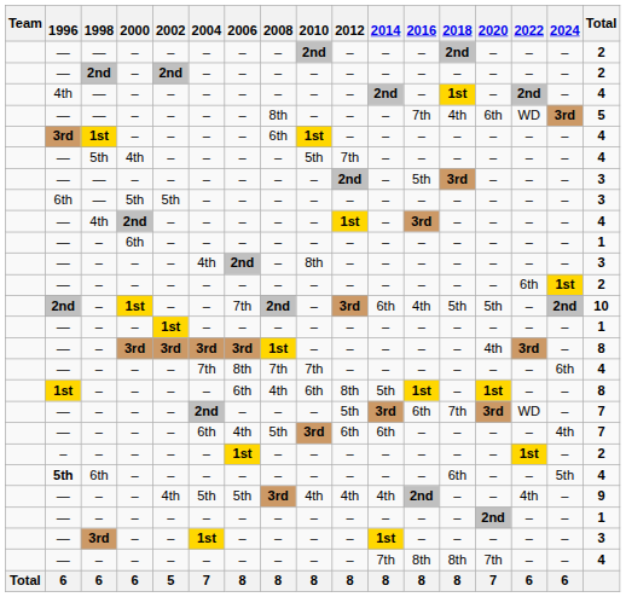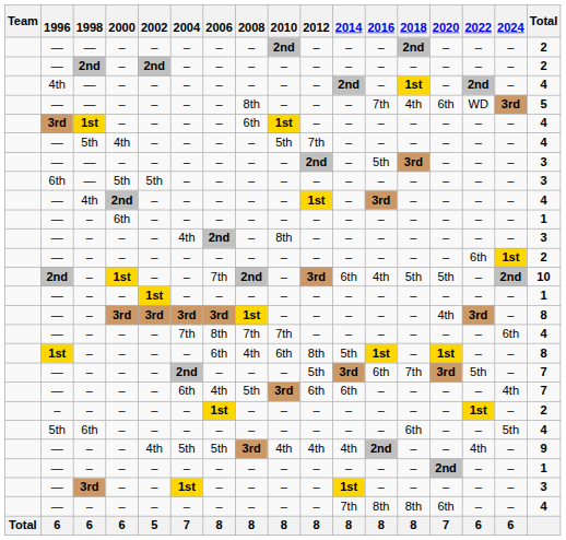 <table class="wikitable " style="text-align:center">
 <tr>
 <th>Team</th>
 <th><br>1996</th>
 <th><br>1998</th>
 <th><br>2000</th>
 <th><br>2002</th>
 <th><br>2004</th>
 <th><br>2006</th>
 <th><br>2008</th>
 <th><br>2010</th>
 <th><br>2012</th>
 <th><br><a href='#'>2014</a></th>
 <th><br><a href='#'>2016</a></th>
 <th><br><a href='#'>2018</a></th>
 <th><br><a href='#'>2020</a></th>
 <th><br><a href='#'>2022</a></th>
 <th><br><a href='#'>2024</a></th>
 <th>Total</th>
 </tr>
 <tr>
 <td align=left></td>
 <td>—</td>
 <td>—</td>
 <td>–</td>
 <td>–</td>
 <td>–</td>
 <td>–</td>
 <td>–</td>
 <td bgcolor=silver><strong>2nd</strong></td>
 <td>–</td>
 <td>–</td>
 <td>–</td>
 <td bgcolor=silver><strong>2nd</strong></td>
 <td>–</td>
 <td>–</td>
 <td>–</td>
 <td><strong>2</strong></td>
 </tr>
 <tr>
 <td align=left></td>
 <td>—</td>
 <td bgcolor=silver><strong>2nd</strong></td>
 <td>–</td>
 <td bgcolor=silver><strong>2nd</strong></td>
 <td>–</td>
 <td>–</td>
 <td>–</td>
 <td>–</td>
 <td>–</td>
 <td>–</td>
 <td>–</td>
 <td>–</td>
 <td>–</td>
 <td>–</td>
 <td>–</td>
 <td><strong>2</strong></td>
 </tr>
 <tr>
 <td align=left></td>
 <td>4th</td>
 <td>—</td>
 <td>–</td>
 <td>–</td>
 <td>–</td>
 <td>–</td>
 <td>–</td>
 <td>–</td>
 <td>–</td>
 <td bgcolor=silver><strong>2nd</strong></td>
 <td>–</td>
 <td bgcolor=gold><strong>1st</strong></td>
 <td>–</td>
 <td bgcolor=silver><strong>2nd</strong></td>
 <td>–</td>
 <td><strong>4</strong></td>
 </tr>
 <tr>
 <td align=left></td>
 <td>—</td>
 <td>—</td>
 <td>–</td>
 <td>–</td>
 <td>–</td>
 <td>–</td>
 <td>8th</td>
 <td>–</td>
 <td>–</td>
 <td>–</td>
 <td>7th</td>
 <td>4th</td>
 <td>6th</td>
 <td>WD</td>
 <td bgcolor=cc9966><strong>3rd</strong></td>
 <td><strong>5</strong></td>
 </tr>
 <tr>
 <td align=left></td>
 <td bgcolor=cc9966><strong>3rd</strong></td>
 <td bgcolor=gold><strong>1st</strong></td>
 <td>–</td>
 <td>–</td>
 <td>–</td>
 <td>–</td>
 <td>6th</td>
 <td bgcolor=gold><strong>1st</strong></td>
 <td>–</td>
 <td>–</td>
 <td>–</td>
 <td>–</td>
 <td>–</td>
 <td>–</td>
 <td>–</td>
 <td><strong>4</strong></td>
 </tr>
 <tr>
 <td align=left></td>
 <td>—</td>
 <td>5th</td>
 <td>4th</td>
 <td>–</td>
 <td>–</td>
 <td>–</td>
 <td>–</td>
 <td>5th</td>
 <td>7th</td>
 <td>–</td>
 <td>–</td>
 <td>–</td>
 <td>–</td>
 <td>–</td>
 <td>–</td>
 <td><strong>4</strong></td>
 </tr>
 <tr>
 <td align=left></td>
 <td>—</td>
 <td>—</td>
 <td>–</td>
 <td>–</td>
 <td>–</td>
 <td>–</td>
 <td>–</td>
 <td>–</td>
 <td bgcolor=silver><strong>2nd</strong></td>
 <td>–</td>
 <td>5th</td>
 <td bgcolor=cc9966><strong>3rd</strong></td>
 <td>–</td>
 <td>–</td>
 <td>–</td>
 <td><strong>3</strong></td>
 </tr>
 <tr>
 <td align=left></td>
 <td>6th</td>
 <td>—</td>
 <td>5th</td>
 <td>5th</td>
 <td>–</td>
 <td>–</td>
 <td>–</td>
 <td>–</td>
 <td>–</td>
 <td>–</td>
 <td>–</td>
 <td>–</td>
 <td>–</td>
 <td>–</td>
 <td>–</td>
 <td><strong>3</strong></td>
 </tr>
 <tr>
 <td align=left></td>
 <td>—</td>
 <td>4th</td>
 <td bgcolor=silver><strong>2nd</strong></td>
 <td>–</td>
 <td>–</td>
 <td>–</td>
 <td>–</td>
 <td>–</td>
 <td bgcolor=gold><strong>1st</strong></td>
 <td>–</td>
 <td bgcolor=cc9966><strong>3rd</strong></td>
 <td>–</td>
 <td>–</td>
 <td>–</td>
 <td>–</td>
 <td><strong>4</strong></td>
 </tr>
 <tr>
 <td align=left></td>
 <td>—</td>
 <td>–</td>
 <td>6th</td>
 <td>–</td>
 <td>–</td>
 <td>–</td>
 <td>–</td>
 <td>–</td>
 <td>–</td>
 <td>–</td>
 <td>–</td>
 <td>–</td>
 <td>–</td>
 <td>–</td>
 <td>–</td>
 <td><strong>1</strong></td>
 </tr>
 <tr>
 <td align=left></td>
 <td>—</td>
 <td>–</td>
 <td>–</td>
 <td>–</td>
 <td>4th</td>
 <td bgcolor=silver><strong>2nd</strong></td>
 <td>–</td>
 <td>8th</td>
 <td>–</td>
 <td>–</td>
 <td>–</td>
 <td>–</td>
 <td>–</td>
 <td>–</td>
 <td>–</td>
 <td><strong>3</strong></td>
 </tr>
 <tr>
 <td align=left></td>
 <td>—</td>
 <td>–</td>
 <td>–</td>
 <td>–</td>
 <td>–</td>
 <td>–</td>
 <td>–</td>
 <td>–</td>
 <td>–</td>
 <td>–</td>
 <td>–</td>
 <td>–</td>
 <td>–</td>
 <td>6th</td>
 <td bgcolor=gold><strong>1st</strong></td>
 <td><strong>2</strong></td>
 </tr>
 <tr>
 <td align=left></td>
 <td bgcolor=silver><strong>2nd</strong></td>
 <td>–</td>
 <td bgcolor=gold><strong>1st</strong></td>
 <td>–</td>
 <td>–</td>
 <td>7th</td>
 <td bgcolor=silver><strong>2nd</strong></td>
 <td>–</td>
 <td bgcolor=cc9966><strong>3rd</strong></td>
 <td>6th</td>
 <td>4th</td>
 <td>5th</td>
 <td>5th</td>
 <td>–</td>
 <td bgcolor=silver><strong>2nd</strong></td>
 <td><strong>10</strong></td>
 </tr>
 <tr>
 <td align=left></td>
 <td>—</td>
 <td>–</td>
 <td>–</td>
 <td bgcolor=gold><strong>1st</strong></td>
 <td>–</td>
 <td>–</td>
 <td>–</td>
 <td>–</td>
 <td>–</td>
 <td>–</td>
 <td>–</td>
 <td>–</td>
 <td>–</td>
 <td>–</td>
 <td>–</td>
 <td><strong>1</strong></td>
 </tr>
 <tr>
 <td align=left></td>
 <td>—</td>
 <td>–</td>
 <td bgcolor=cc9966><strong>3rd</strong></td>
 <td bgcolor=cc9966><strong>3rd</strong></td>
 <td bgcolor=cc9966><strong>3rd</strong></td>
 <td bgcolor=cc9966><strong>3rd</strong></td>
 <td bgcolor=gold><strong>1st</strong></td>
 <td>–</td>
 <td>–</td>
 <td>–</td>
 <td>–</td>
 <td>–</td>
 <td>4th</td>
 <td bgcolor=cc9966><strong>3rd</strong></td>
 <td>–</td>
 <td><strong>8</strong></td>
 </tr>
 <tr>
 <td align=left></td>
 <td>—</td>
 <td>–</td>
 <td>–</td>
 <td>–</td>
 <td>7th</td>
 <td>8th</td>
 <td>7th</td>
 <td>7th</td>
 <td>–</td>
 <td>–</td>
 <td>–</td>
 <td>–</td>
 <td>–</td>
 <td>–</td>
 <td>6th</td>
 <td><strong>4</strong></td>
 </tr>
 <tr>
 <td align=left></td>
 <td bgcolor=gold><strong>1st</strong></td>
 <td>–</td>
 <td>–</td>
 <td>–</td>
 <td>–</td>
 <td>6th</td>
 <td>4th</td>
 <td>6th</td>
 <td>8th</td>
 <td>5th</td>
 <td bgcolor=gold><strong>1st</strong></td>
 <td>–</td>
 <td bgcolor=gold><strong>1st</strong></td>
 <td>–</td>
 <td>–</td>
 <td><strong>8</strong></td>
 </tr>
 <tr>
 <td align=left></td>
 <td>—</td>
 <td>–</td>
 <td>–</td>
 <td>–</td>
 <td bgcolor=silver><strong>2nd</strong></td>
 <td>–</td>
 <td>–</td>
 <td>–</td>
 <td>5th</td>
 <td bgcolor=cc9966><strong>3rd</strong></td>
 <td>6th</td>
 <td>7th</td>
 <td bgcolor=cc9966><strong>3rd</strong></td>
-<td>WD</td>
+<td>5th</td>
 <td>–</td>
 <td><strong>7</strong></td>
 </tr>
 <tr>
 <td align=left></td>
 <td>—</td>
 <td>–</td>
 <td>–</td>
 <td>–</td>
 <td>6th</td>
 <td>4th</td>
 <td>5th</td>
 <td bgcolor=cc9966><strong>3rd</strong></td>
 <td>6th</td>
 <td>6th</td>
 <td>–</td>
 <td>–</td>
 <td>–</td>
 <td>–</td>
 <td>4th</td>
 <td><strong>7</strong></td>
 </tr>
 <tr>
 <td align=left></td>
 <td>–</td>
 <td>–</td>
 <td>–</td>
 <td>–</td>
 <td>–</td>
 <td bgcolor=gold><strong>1st</strong></td>
 <td>–</td>
 <td>–</td>
 <td>–</td>
 <td>–</td>
 <td>–</td>
 <td>–</td>
 <td>–</td>
 <td bgcolor=gold><strong>1st</strong></td>
 <td>–</td>
 <td><strong>2</strong></td>
 </tr>
 <tr>
 <td align=left></td>
-<td><strong>5th</strong></td>
+<td>5th</td>
 <td>6th</td>
 <td>–</td>
 <td>–</td>
 <td>–</td>
 <td>–</td>
 <td>–</td>
 <td>–</td>
 <td>–</td>
 <td>–</td>
 <td>–</td>
 <td>6th</td>
 <td>–</td>
 <td>–</td>
 <td>5th</td>
 <td><strong>4</strong></td>
 </tr>
 <tr>
 <td align=left></td>
 <td>—</td>
 <td>–</td>
 <td>–</td>
 <td>4th</td>
 <td>5th</td>
 <td>5th</td>
 <td bgcolor=cc9966><strong>3rd</strong></td>
 <td>4th</td>
 <td>4th</td>
 <td>4th</td>
 <td bgcolor=silver><strong>2nd</strong></td>
 <td>–</td>
 <td>–</td>
 <td>4th</td>
 <td>–</td>
 <td><strong>9</strong></td>
 </tr>
 <tr>
 <td align=left></td>
 <td>—</td>
 <td>–</td>
 <td>–</td>
 <td>–</td>
 <td>–</td>
 <td>–</td>
 <td>–</td>
 <td>–</td>
 <td>–</td>
 <td>–</td>
 <td>–</td>
 <td>–</td>
 <td bgcolor=silver><strong>2nd</strong></td>
 <td>–</td>
 <td>–</td>
 <td><strong>1</strong></td>
 </tr>
 <tr>
 <td align=left></td>
 <td>—</td>
 <td bgcolor=cc9966><strong>3rd</strong></td>
 <td>–</td>
 <td>–</td>
 <td bgcolor=gold><strong>1st</strong></td>
 <td>–</td>
 <td>–</td>
 <td>–</td>
 <td>–</td>
 <td bgcolor=gold><strong>1st</strong></td>
 <td>–</td>
 <td>–</td>
 <td>–</td>
 <td>–</td>
 <td>–</td>
 <td><strong>3</strong></td>
 </tr>
 <tr>
 <td align=left></td>
 <td>—</td>
 <td>–</td>
 <td>–</td>
 <td>–</td>
 <td>–</td>
 <td>–</td>
 <td>–</td>
 <td>–</td>
 <td>–</td>
 <td>7th</td>
 <td>8th</td>
 <td>8th</td>
-<td>7th</td>
+<td>6th</td>
 <td>–</td>
 <td>–</td>
 <td><strong>4</strong></td>
 </tr>
 <tr>
 <th>Total</th>
 <th>6</th>
 <th>6</th>
 <th>6</th>
 <th>5</th>
 <th>7</th>
 <th>8</th>
 <th>8</th>
 <th>8</th>
 <th>8</th>
 <th>8</th>
 <th>8</th>
 <th>8</th>
 <th>7</th>
 <th>6</th>
 <th>6</th>
 <th></th>
 </tr>
 </table>
